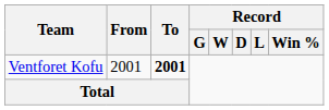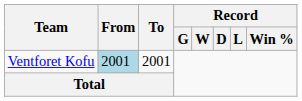 <table class="wikitable" style="text-align: center">
 <tr>
 <th rowspan="2">Team</th>
 <th rowspan="2">From</th>
 <th rowspan="2">To</th>
 <th colspan="5">Record</th>
 </tr>
 <tr>
 <th>G</th>
 <th>W</th>
 <th>D</th>
 <th>L</th>
 <th>Win %</th>
 </tr>
 <tr>
 <td align="left"><a href='#'>Ventforet Kofu</a></td>
-<td align="left">2001</td>
-<td align="left"><strong>2001<br></strong></td>
+<td align="left" style="background: lightblue;">2001</td>
+<td align="left">2001<br></td>
 </tr>
 <tr>
 <th colspan="3">Total<br></th>
 </tr>
 </table>
